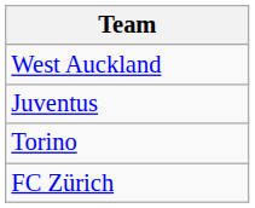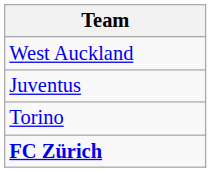 <table class="wikitable">
 <tr>
 <th width=150px>Team</th>
 </tr>
 <tr>
 <td> <a href='#'>West Auckland</a></td>
 </tr>
 <tr>
 <td> <a href='#'>Juventus</a></td>
 </tr>
 <tr>
 <td> <a href='#'>Torino</a></td>
 </tr>
 <tr>
-<td> <a href='#'>FC Zürich</a></td>
+<td><strong> <a href='#'>FC Zürich</a></strong></td>
 </tr>
 </table>
